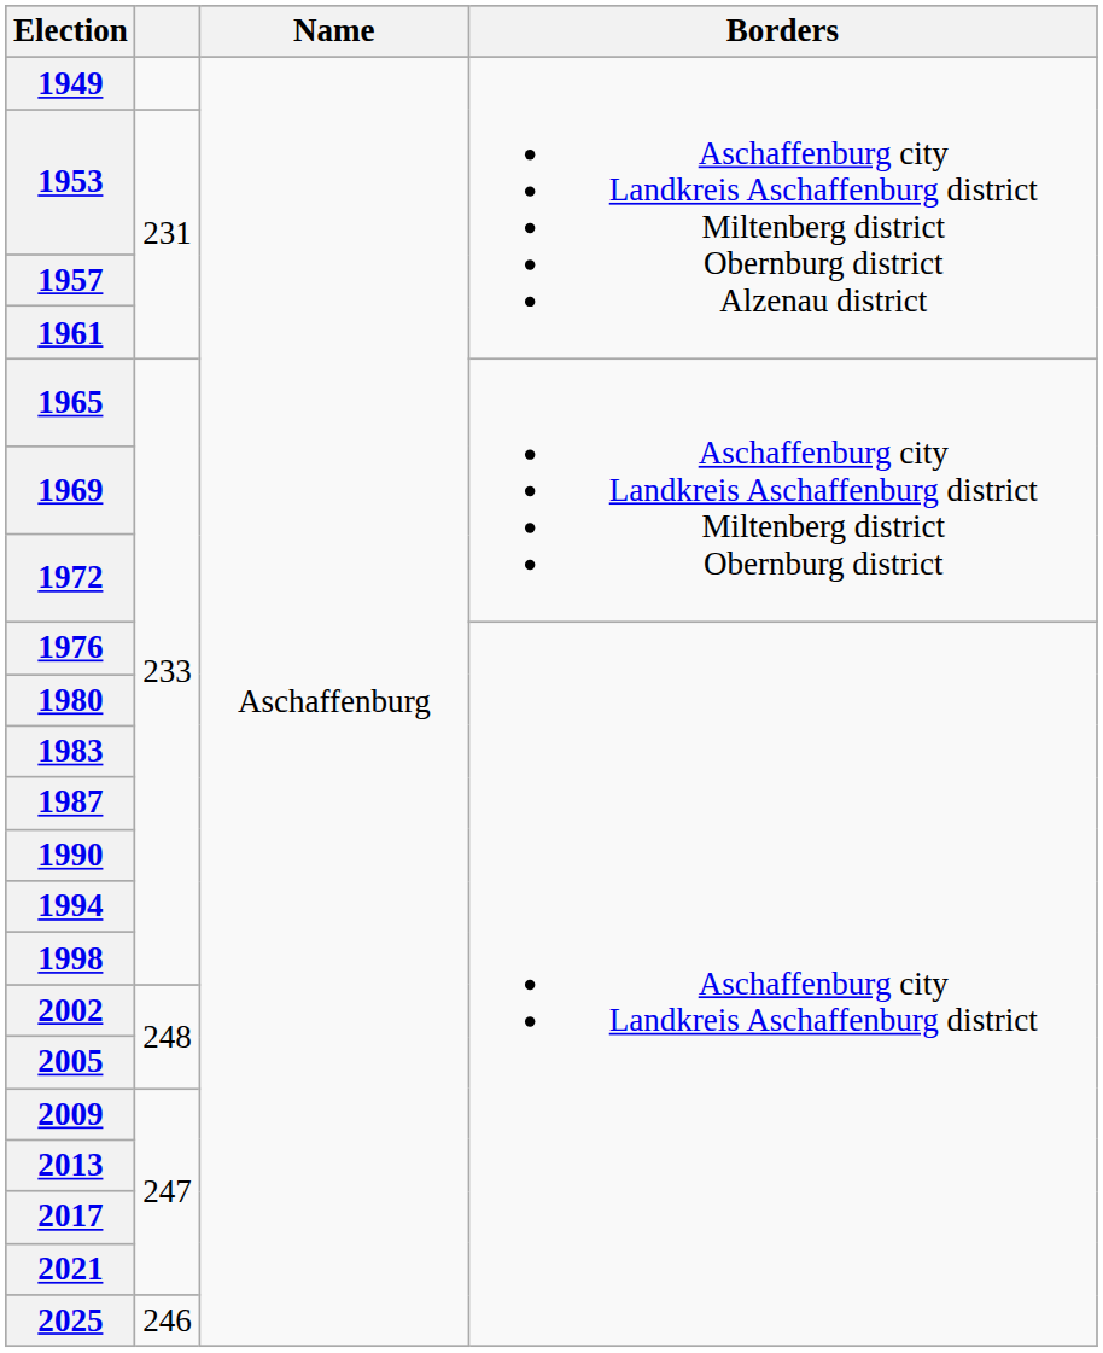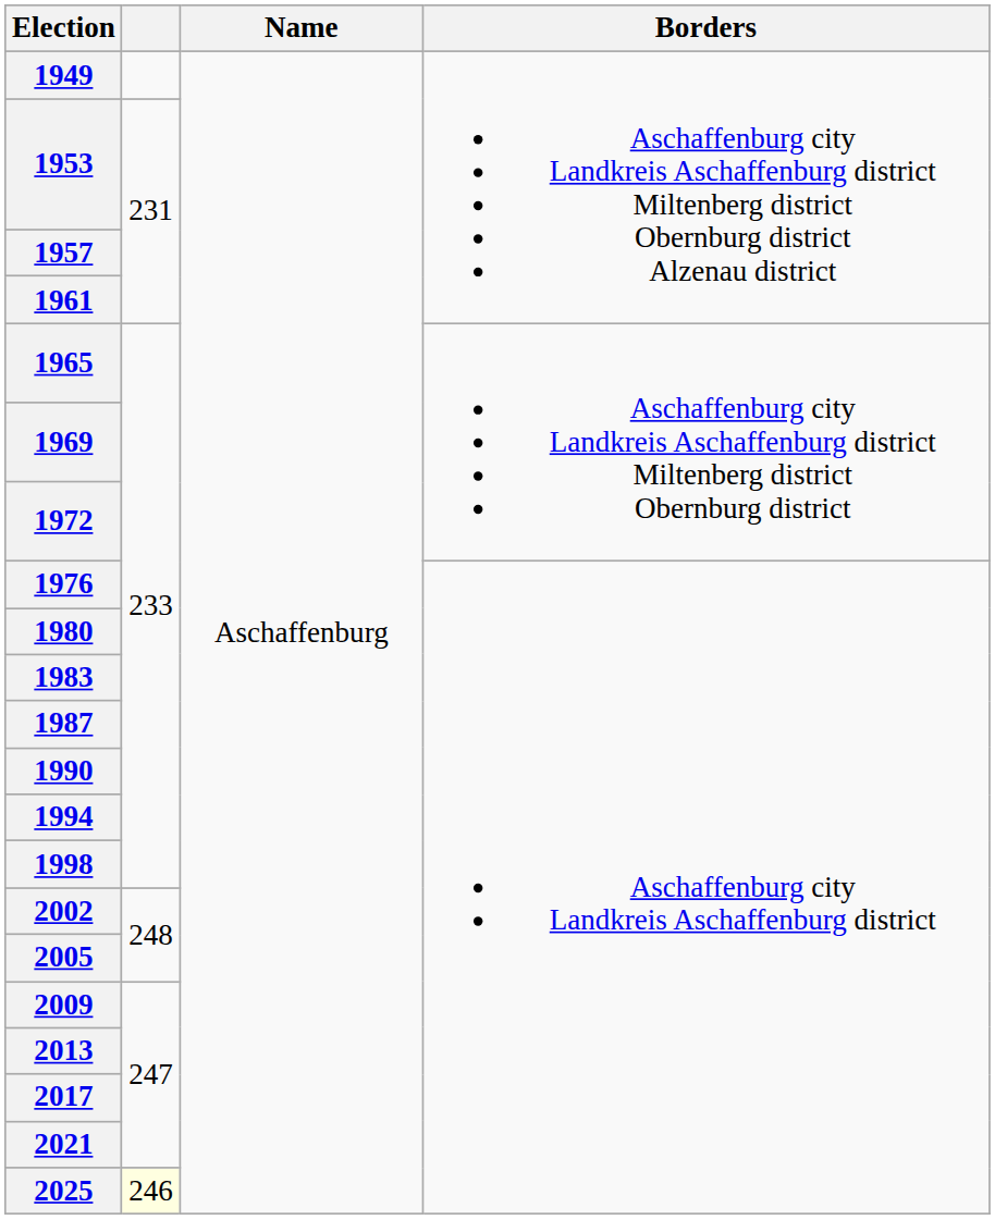 <table class=wikitable style="text-align:center">
 <tr>
 <th>Election</th>
 <th></th>
 <th width=125px>Name</th>
 <th width=300px>Borders</th>
 </tr>
 <tr>
 <th><a href='#'>1949</a></th>
 <td></td>
 <td rowspan=21>Aschaffenburg</td>
 <td rowspan=4><br><ul><li><a href='#'>Aschaffenburg</a> city</li><li><a href='#'>Landkreis Aschaffenburg</a> district</li><li>Miltenberg district</li><li>Obernburg district</li><li>Alzenau district</li></ul></td>
 </tr>
 <tr>
 <th><a href='#'>1953</a></th>
 <td rowspan=3>231</td>
 </tr>
 <tr>
 <th><a href='#'>1957</a></th>
 </tr>
 <tr>
 <th><a href='#'>1961</a></th>
 </tr>
 <tr>
 <th><a href='#'>1965</a></th>
 <td rowspan=10>233</td>
 <td rowspan=3><br><ul><li><a href='#'>Aschaffenburg</a> city</li><li><a href='#'>Landkreis Aschaffenburg</a> district</li><li>Miltenberg district</li><li>Obernburg district</li></ul></td>
 </tr>
 <tr>
 <th><a href='#'>1969</a></th>
 </tr>
 <tr>
 <th><a href='#'>1972</a></th>
 </tr>
 <tr>
 <th><a href='#'>1976</a></th>
 <td rowspan=14><br><ul><li><a href='#'>Aschaffenburg</a> city</li><li><a href='#'>Landkreis Aschaffenburg</a> district</li></ul></td>
 </tr>
 <tr>
 <th><a href='#'>1980</a></th>
 </tr>
 <tr>
 <th><a href='#'>1983</a></th>
 </tr>
 <tr>
 <th><a href='#'>1987</a></th>
 </tr>
 <tr>
 <th><a href='#'>1990</a></th>
 </tr>
 <tr>
 <th><a href='#'>1994</a></th>
 </tr>
 <tr>
 <th><a href='#'>1998</a></th>
 </tr>
 <tr>
 <th><a href='#'>2002</a></th>
 <td rowspan=2>248</td>
 </tr>
 <tr>
 <th><a href='#'>2005</a></th>
 </tr>
 <tr>
 <th><a href='#'>2009</a></th>
 <td rowspan=4>247</td>
 </tr>
 <tr>
 <th><a href='#'>2013</a></th>
 </tr>
 <tr>
 <th><a href='#'>2017</a></th>
 </tr>
 <tr>
 <th><a href='#'>2021</a></th>
 </tr>
 <tr>
 <th><a href='#'>2025</a></th>
-<td>246</td>
+<td style="background: lightyellow;">246</td>
 </tr>
 </table>
